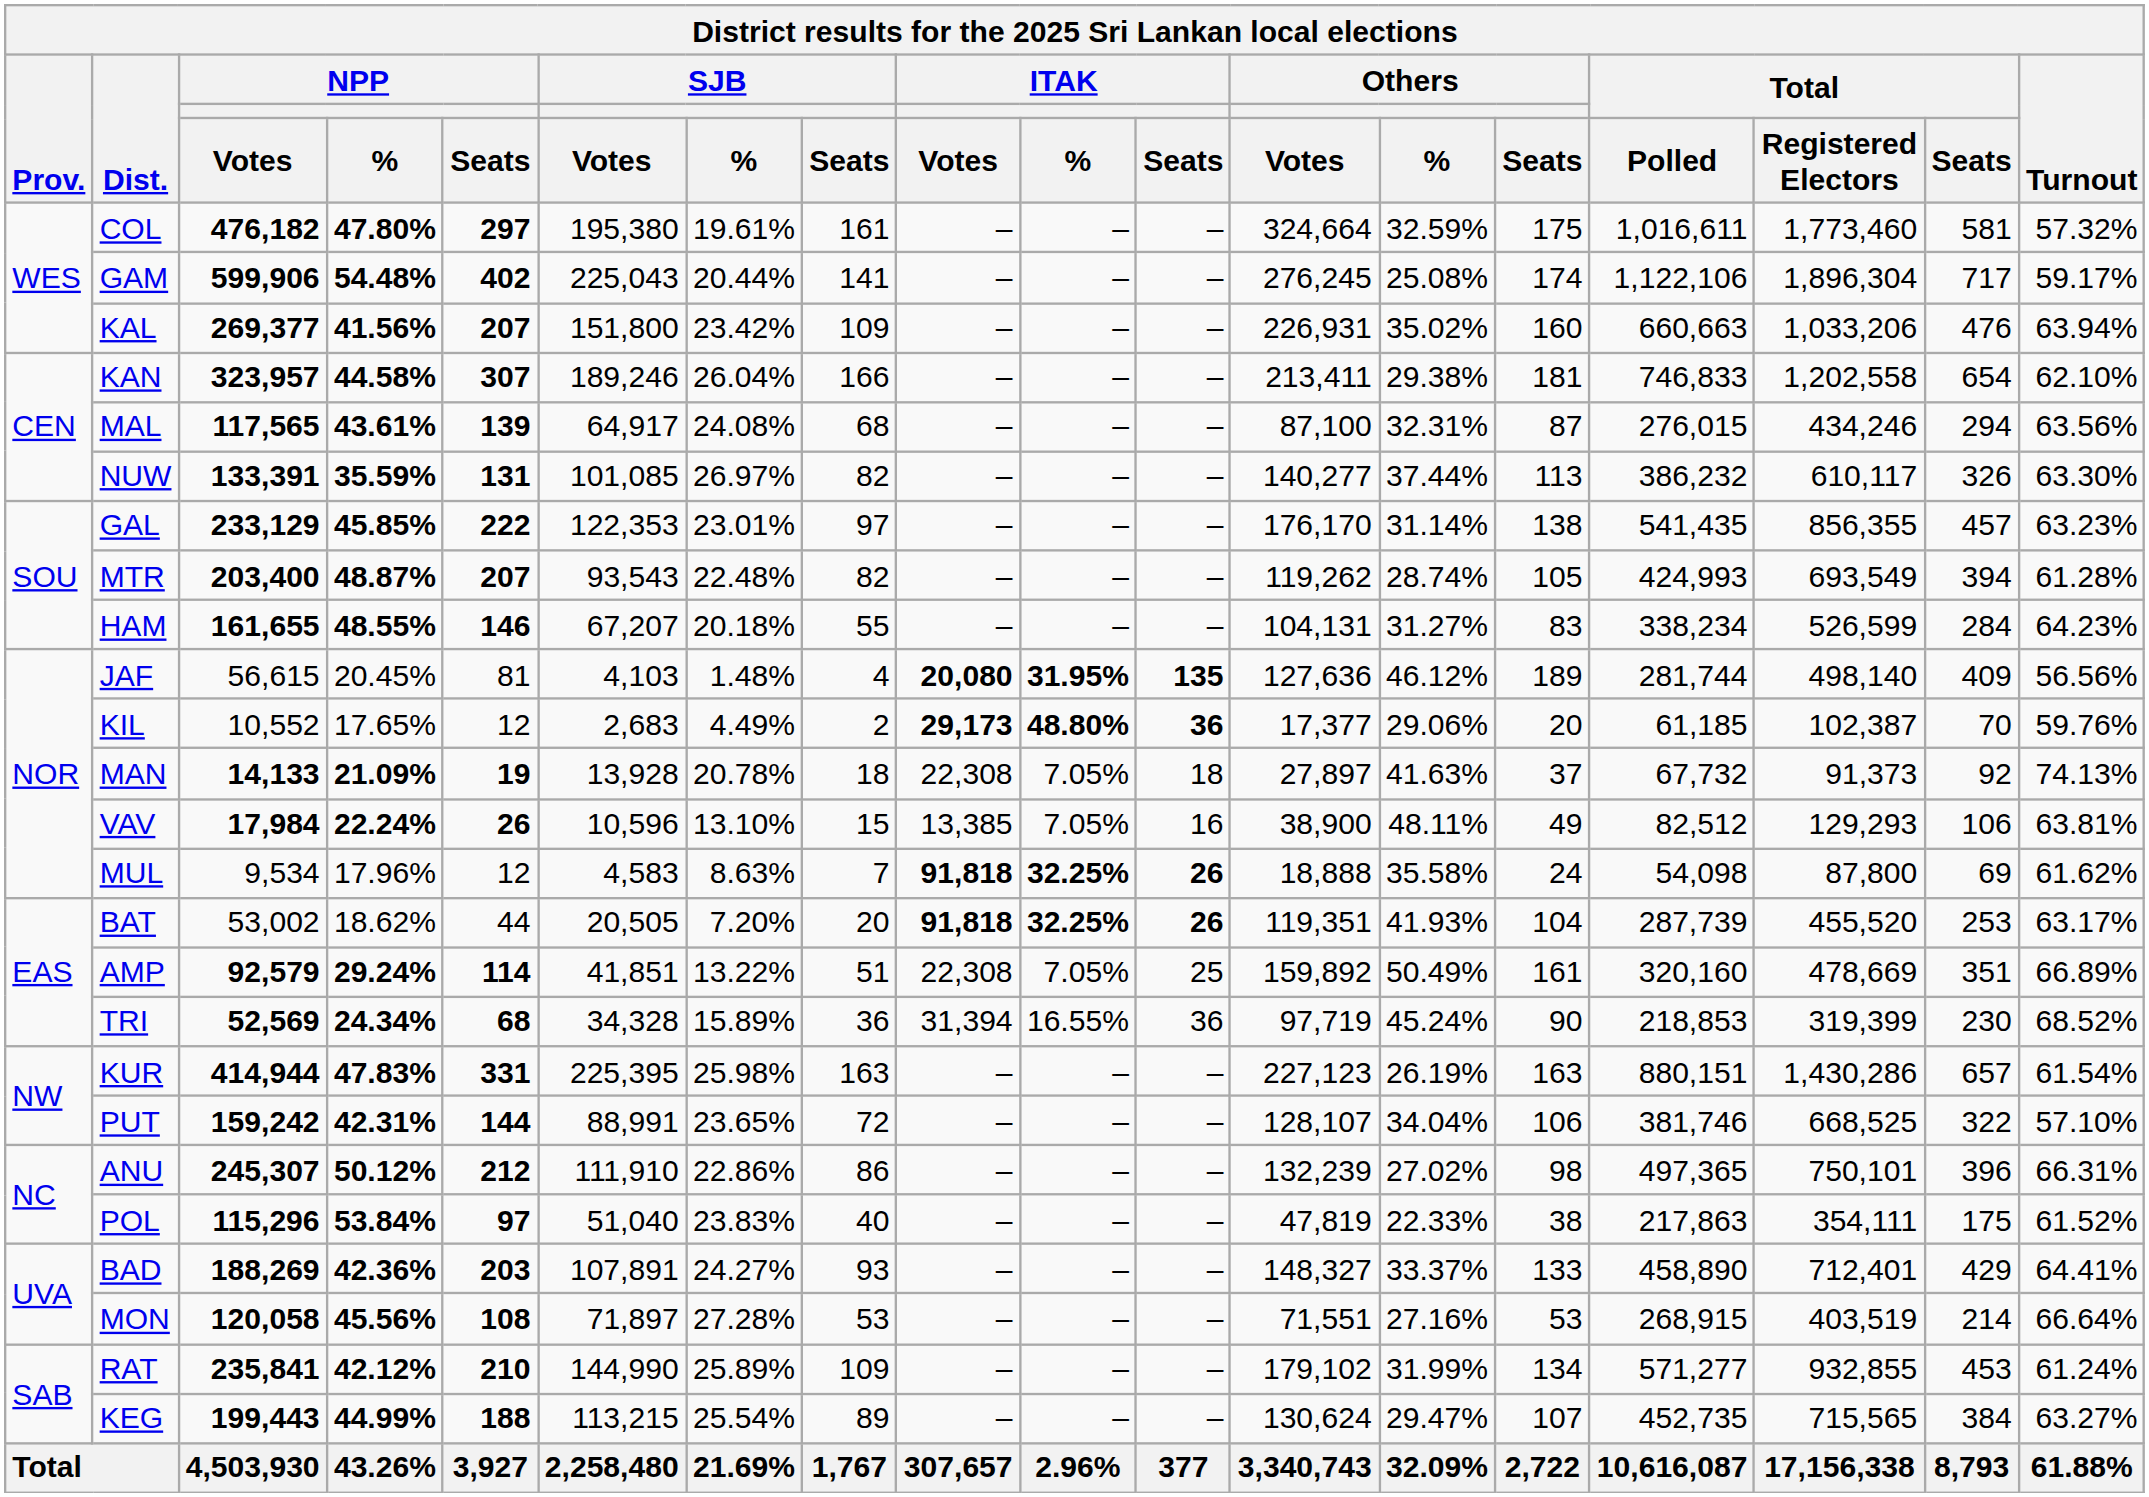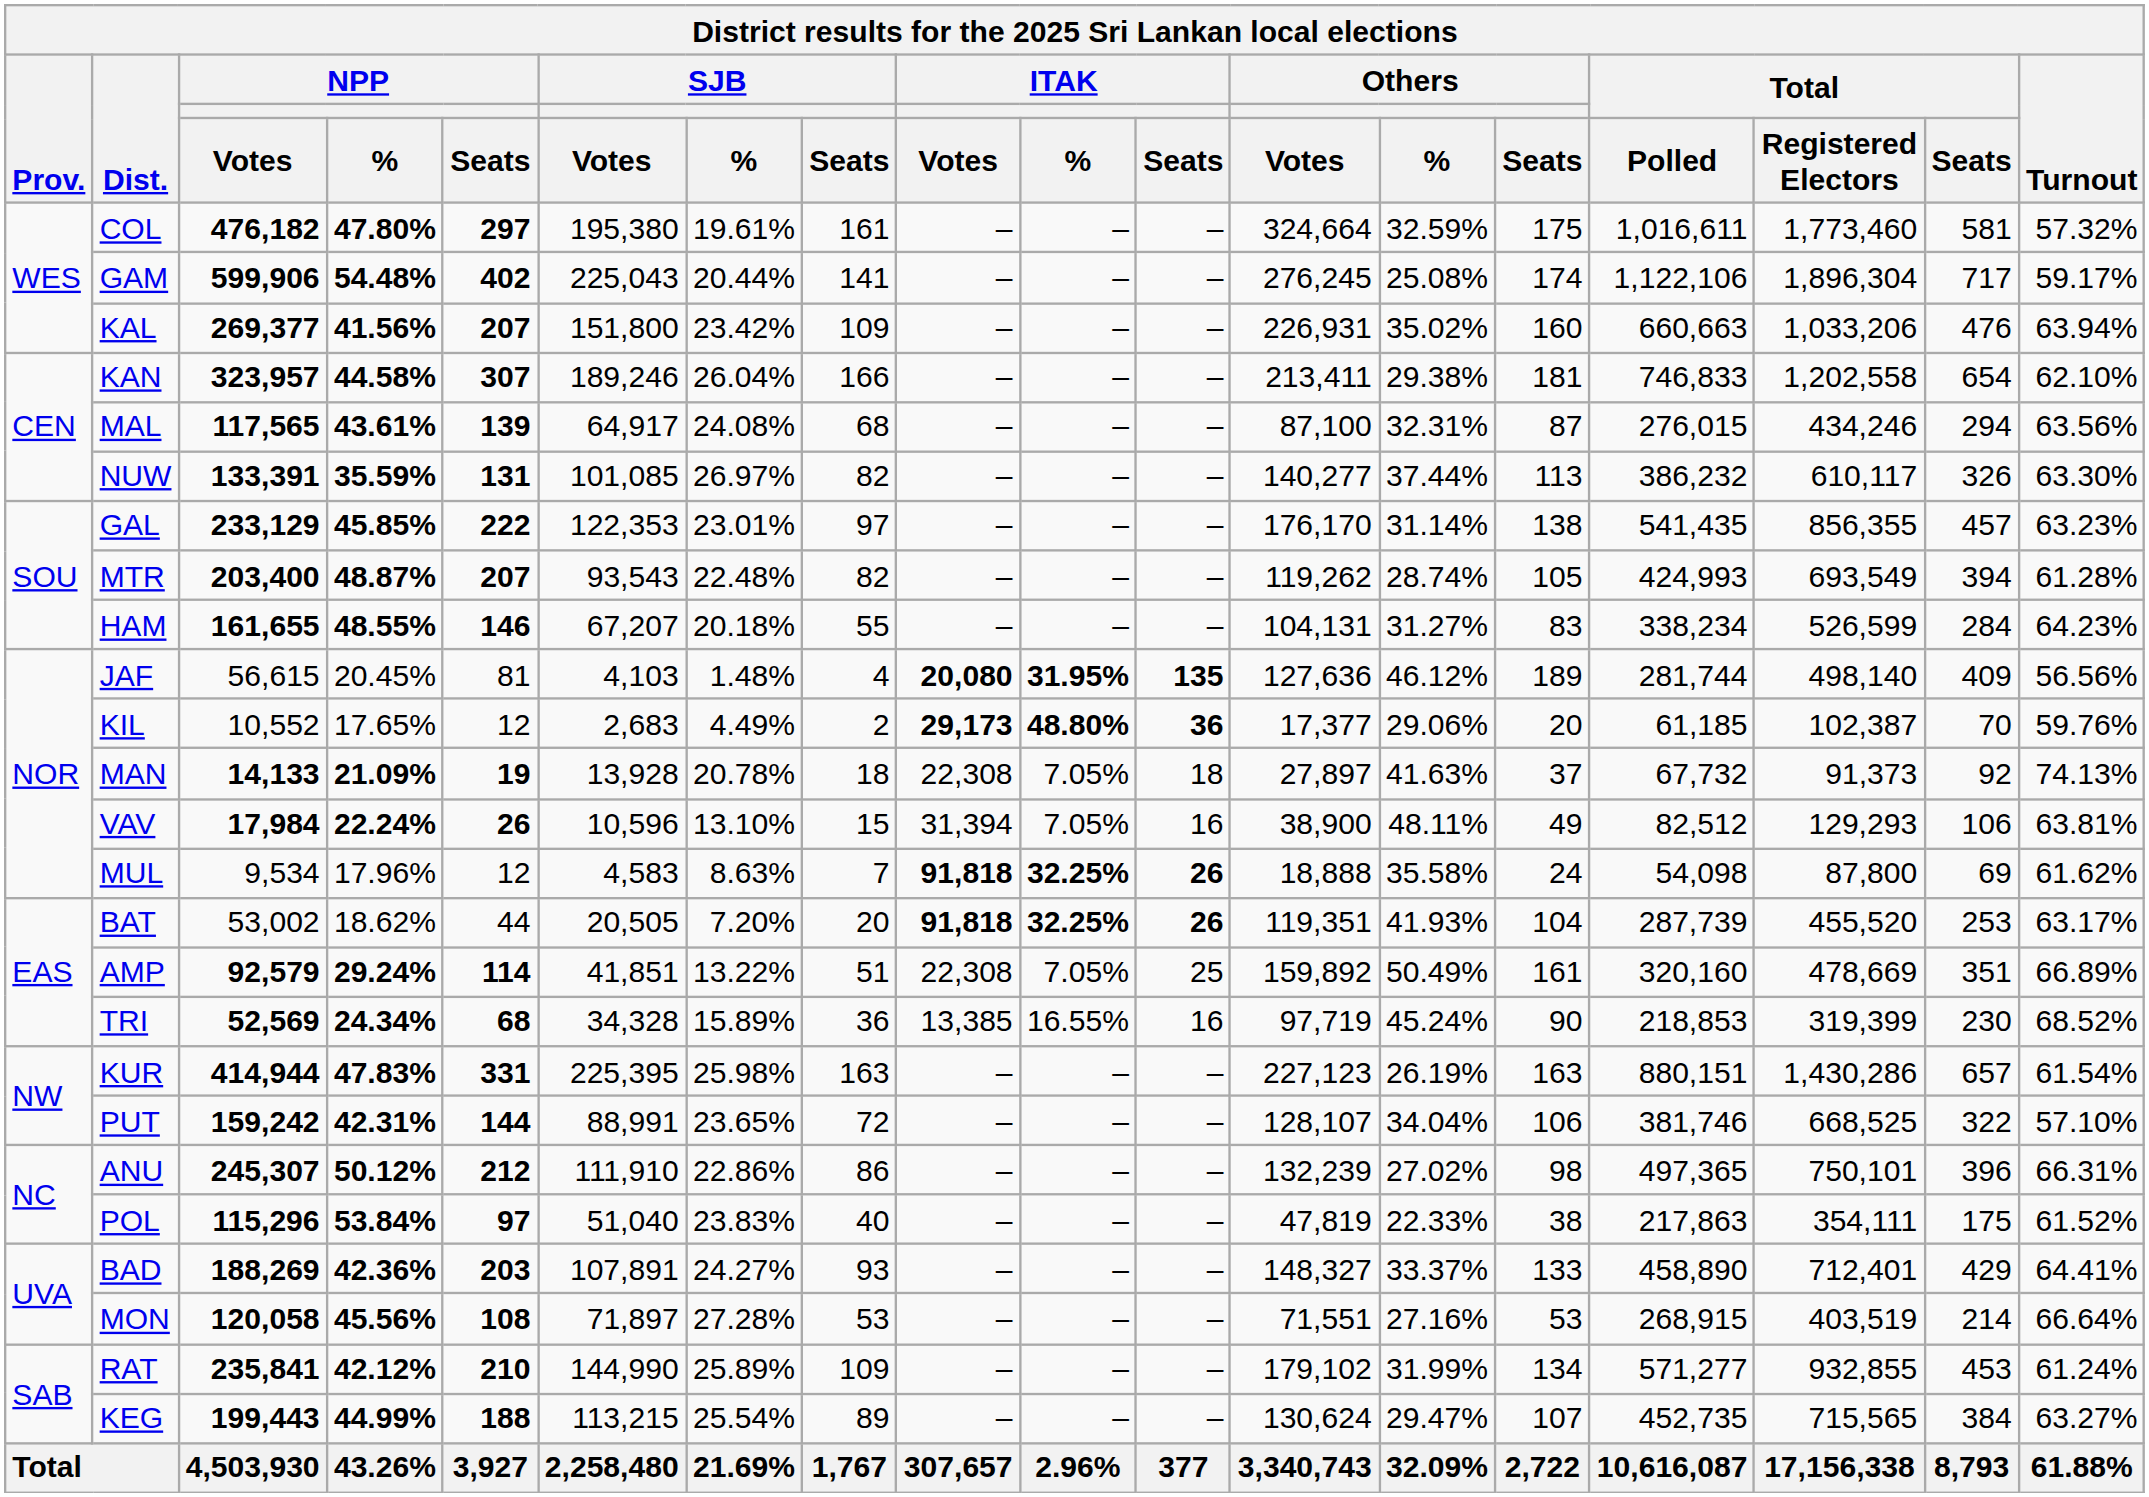 <table class="wikitable sortable sticky-header-multi mw-collapsible mw-collapsed" style="font-size:80%; text-align:right">
 <tr>
 <th colspan=18>District results for the 2025 Sri Lankan local elections</th>
 </tr>
 <tr>
 <th rowspan=3 style="vertical-align:bottom;"><a href='#'>Prov.</a></th>
 <th rowspan=3 style="vertical-align:bottom;"><a href='#'>Dist.</a></th>
 <th colspan=3><a href='#'>NPP</a></th>
 <th colspan=3><a href='#'>SJB</a></th>
 <th colspan=3><a href='#'>ITAK</a></th>
 <th colspan=3>Others</th>
 <th colspan=3 rowspan=2>Total</th>
 <th rowspan=3 style="vertical-align:bottom;">Turnout</th>
 </tr>
 <tr>
 <th colspan=3 style="background:"></th>
 <th colspan=3 style="background:"></th>
 <th colspan=3 style="background:"></th>
 <th colspan=3 style="background:"></th>
 </tr>
 <tr>
 <th>Votes</th>
 <th>%</th>
 <th>Seats</th>
 <th>Votes</th>
 <th>%</th>
 <th>Seats</th>
 <th>Votes</th>
 <th>%</th>
 <th>Seats</th>
 <th>Votes</th>
 <th>%</th>
 <th>Seats</th>
 <th>Polled</th>
 <th>Registered<br>Electors</th>
 <th>Seats</th>
 </tr>
 <tr>
 <td rowspan=3 align=left><a href='#'>WES</a></td>
 <td align=left><a href='#'>COL</a></td>
 <td><strong>476,182</strong></td>
 <td><strong>47.80%</strong></td>
 <td><strong>297</strong></td>
 <td>195,380</td>
 <td>19.61%</td>
 <td>161</td>
 <td>–</td>
 <td>–</td>
 <td>–</td>
 <td>324,664</td>
 <td>32.59%</td>
 <td>175</td>
 <td>1,016,611</td>
 <td>1,773,460</td>
 <td>581</td>
 <td>57.32%</td>
 </tr>
 <tr>
 <td align=left><a href='#'>GAM</a></td>
 <td><strong>599,906</strong></td>
 <td><strong>54.48%</strong></td>
 <td><strong>402</strong></td>
 <td>225,043</td>
 <td>20.44%</td>
 <td>141</td>
 <td>–</td>
 <td>–</td>
 <td>–</td>
 <td>276,245</td>
 <td>25.08%</td>
 <td>174</td>
 <td>1,122,106</td>
 <td>1,896,304</td>
 <td>717</td>
 <td>59.17%</td>
 </tr>
 <tr>
 <td align=left><a href='#'>KAL</a></td>
 <td><strong>269,377</strong></td>
 <td><strong>41.56%</strong></td>
 <td><strong>207</strong></td>
 <td>151,800</td>
 <td>23.42%</td>
 <td>109</td>
 <td>–</td>
 <td>–</td>
 <td>–</td>
 <td>226,931</td>
 <td>35.02%</td>
 <td>160</td>
 <td>660,663</td>
 <td>1,033,206</td>
 <td>476</td>
 <td>63.94%</td>
 </tr>
 <tr>
 <td rowspan=3 align=left><a href='#'>CEN</a></td>
 <td align=left><a href='#'>KAN</a></td>
 <td><strong>323,957</strong></td>
 <td><strong>44.58%</strong></td>
 <td><strong>307</strong></td>
 <td>189,246</td>
 <td>26.04%</td>
 <td>166</td>
 <td>–</td>
 <td>–</td>
 <td>–</td>
 <td>213,411</td>
 <td>29.38%</td>
 <td>181</td>
 <td>746,833</td>
 <td>1,202,558</td>
 <td>654</td>
 <td>62.10%</td>
 </tr>
 <tr>
 <td align=left><a href='#'>MAL</a></td>
 <td><strong>117,565</strong></td>
 <td><strong>43.61%</strong></td>
 <td><strong>139</strong></td>
 <td>64,917</td>
 <td>24.08%</td>
 <td>68</td>
 <td>–</td>
 <td>–</td>
 <td>–</td>
 <td>87,100</td>
 <td>32.31%</td>
 <td>87</td>
 <td>276,015</td>
 <td>434,246</td>
 <td>294</td>
 <td>63.56%</td>
 </tr>
 <tr>
 <td align=left><a href='#'>NUW</a></td>
 <td><strong>133,391</strong></td>
 <td><strong>35.59%</strong></td>
 <td><strong>131</strong></td>
 <td>101,085</td>
 <td>26.97%</td>
 <td>82</td>
 <td>–</td>
 <td>–</td>
 <td>–</td>
 <td>140,277</td>
 <td>37.44%</td>
 <td>113</td>
 <td>386,232</td>
 <td>610,117</td>
 <td>326</td>
 <td>63.30%</td>
 </tr>
 <tr>
 <td rowspan=3 align=left><a href='#'>SOU</a></td>
 <td align=left><a href='#'>GAL</a></td>
 <td><strong>233,129</strong></td>
 <td><strong>45.85%</strong></td>
 <td><strong>222</strong></td>
 <td>122,353</td>
 <td>23.01%</td>
 <td>97</td>
 <td>–</td>
 <td>–</td>
 <td>–</td>
 <td>176,170</td>
 <td>31.14%</td>
 <td>138</td>
 <td>541,435</td>
 <td>856,355</td>
 <td>457</td>
 <td>63.23%</td>
 </tr>
 <tr>
 <td align=left><a href='#'>MTR</a></td>
 <td><strong>203,400</strong></td>
 <td><strong>48.87%</strong></td>
 <td><strong>207</strong></td>
 <td>93,543</td>
 <td>22.48%</td>
 <td>82</td>
 <td>–</td>
 <td>–</td>
 <td>–</td>
 <td>119,262</td>
 <td>28.74%</td>
 <td>105</td>
 <td>424,993</td>
 <td>693,549</td>
 <td>394</td>
 <td>61.28%</td>
 </tr>
 <tr>
 <td align=left><a href='#'>HAM</a></td>
 <td><strong>161,655</strong></td>
 <td><strong>48.55%</strong></td>
 <td><strong>146</strong></td>
 <td>67,207</td>
 <td>20.18%</td>
 <td>55</td>
 <td>–</td>
 <td>–</td>
 <td>–</td>
 <td>104,131</td>
 <td>31.27%</td>
 <td>83</td>
 <td>338,234</td>
 <td>526,599</td>
 <td>284</td>
 <td>64.23%</td>
 </tr>
 <tr>
 <td rowspan=5 align=left><a href='#'>NOR</a></td>
 <td align=left><a href='#'>JAF</a></td>
 <td>56,615</td>
 <td>20.45%</td>
 <td>81</td>
 <td>4,103</td>
 <td>1.48%</td>
 <td>4</td>
 <td><strong>20,080</strong></td>
 <td><strong>31.95%</strong></td>
 <td><strong>135</strong></td>
 <td>127,636</td>
 <td>46.12%</td>
 <td>189</td>
 <td>281,744</td>
 <td>498,140</td>
 <td>409</td>
 <td>56.56%</td>
 </tr>
 <tr>
 <td align=left><a href='#'>KIL</a></td>
 <td>10,552</td>
 <td>17.65%</td>
 <td>12</td>
 <td>2,683</td>
 <td>4.49%</td>
 <td>2</td>
 <td><strong>29,173</strong></td>
 <td><strong>48.80%</strong></td>
 <td><strong>36</strong></td>
 <td>17,377</td>
 <td>29.06%</td>
 <td>20</td>
 <td>61,185</td>
 <td>102,387</td>
 <td>70</td>
 <td>59.76%</td>
 </tr>
 <tr>
 <td align=left><a href='#'>MAN</a></td>
 <td><strong>14,133</strong></td>
 <td><strong>21.09%</strong></td>
 <td><strong>19</strong></td>
 <td>13,928</td>
 <td>20.78%</td>
 <td>18</td>
 <td>22,308</td>
 <td>7.05%</td>
 <td>18</td>
 <td>27,897</td>
 <td>41.63%</td>
 <td>37</td>
 <td>67,732</td>
 <td>91,373</td>
 <td>92</td>
 <td>74.13%</td>
 </tr>
 <tr>
 <td align=left><a href='#'>VAV</a></td>
 <td><strong>17,984</strong></td>
 <td><strong>22.24%</strong></td>
 <td><strong>26</strong></td>
 <td>10,596</td>
 <td>13.10%</td>
 <td>15</td>
-<td>13,385</td>
+<td>31,394</td>
 <td>7.05%</td>
 <td>16</td>
 <td>38,900</td>
 <td>48.11%</td>
 <td>49</td>
 <td>82,512</td>
 <td>129,293</td>
 <td>106</td>
 <td>63.81%</td>
 </tr>
 <tr>
 <td align=left><a href='#'>MUL</a></td>
 <td>9,534</td>
 <td>17.96%</td>
 <td>12</td>
 <td>4,583</td>
 <td>8.63%</td>
 <td>7</td>
 <td><strong>91,818</strong></td>
 <td><strong>32.25%</strong></td>
 <td><strong>26</strong></td>
 <td>18,888</td>
 <td>35.58%</td>
 <td>24</td>
 <td>54,098</td>
 <td>87,800</td>
 <td>69</td>
 <td>61.62%</td>
 </tr>
 <tr>
 <td rowspan=3 align=left><a href='#'>EAS</a></td>
 <td align=left><a href='#'>BAT</a></td>
 <td>53,002</td>
 <td>18.62%</td>
 <td>44</td>
 <td>20,505</td>
 <td>7.20%</td>
 <td>20</td>
 <td><strong>91,818</strong></td>
 <td><strong>32.25%</strong></td>
 <td><strong>26</strong></td>
 <td>119,351</td>
 <td>41.93%</td>
 <td>104</td>
 <td>287,739</td>
 <td>455,520</td>
 <td>253</td>
 <td>63.17%</td>
 </tr>
 <tr>
 <td align=left><a href='#'>AMP</a></td>
 <td><strong>92,579</strong></td>
 <td><strong>29.24%</strong></td>
 <td><strong>114</strong></td>
 <td>41,851</td>
 <td>13.22%</td>
 <td>51</td>
 <td>22,308</td>
 <td>7.05%</td>
 <td>25</td>
 <td>159,892</td>
 <td>50.49%</td>
 <td>161</td>
 <td>320,160</td>
 <td>478,669</td>
 <td>351</td>
 <td>66.89%</td>
 </tr>
 <tr>
 <td align=left><a href='#'>TRI</a></td>
 <td><strong>52,569</strong></td>
 <td><strong>24.34%</strong></td>
 <td><strong>68</strong></td>
 <td>34,328</td>
 <td>15.89%</td>
 <td>36</td>
-<td>31,394</td>
+<td>13,385</td>
 <td>16.55%</td>
-<td>36</td>
+<td>16</td>
 <td>97,719</td>
 <td>45.24%</td>
 <td>90</td>
 <td>218,853</td>
 <td>319,399</td>
 <td>230</td>
 <td>68.52%</td>
 </tr>
 <tr>
 <td rowspan=2 align=left><a href='#'>NW</a></td>
 <td align=left><a href='#'>KUR</a></td>
 <td><strong>414,944</strong></td>
 <td><strong>47.83%</strong></td>
 <td><strong>331</strong></td>
 <td>225,395</td>
 <td>25.98%</td>
 <td>163</td>
 <td>–</td>
 <td>–</td>
 <td>–</td>
 <td>227,123</td>
 <td>26.19%</td>
 <td>163</td>
 <td>880,151</td>
 <td>1,430,286</td>
 <td>657</td>
 <td>61.54%</td>
 </tr>
 <tr>
 <td align=left><a href='#'>PUT</a></td>
 <td><strong>159,242</strong></td>
 <td><strong>42.31%</strong></td>
 <td><strong>144</strong></td>
 <td>88,991</td>
 <td>23.65%</td>
 <td>72</td>
 <td>–</td>
 <td>–</td>
 <td>–</td>
 <td>128,107</td>
 <td>34.04%</td>
 <td>106</td>
 <td>381,746</td>
 <td>668,525</td>
 <td>322</td>
 <td>57.10%</td>
 </tr>
 <tr>
 <td rowspan=2 align=left><a href='#'>NC</a></td>
 <td align=left><a href='#'>ANU</a></td>
 <td><strong>245,307</strong></td>
 <td><strong>50.12%</strong></td>
 <td><strong>212</strong></td>
 <td>111,910</td>
 <td>22.86%</td>
 <td>86</td>
 <td>–</td>
 <td>–</td>
 <td>–</td>
 <td>132,239</td>
 <td>27.02%</td>
 <td>98</td>
 <td>497,365</td>
 <td>750,101</td>
 <td>396</td>
 <td>66.31%</td>
 </tr>
 <tr>
 <td align=left><a href='#'>POL</a></td>
 <td><strong>115,296</strong></td>
 <td><strong>53.84%</strong></td>
 <td><strong>97</strong></td>
 <td>51,040</td>
 <td>23.83%</td>
 <td>40</td>
 <td>–</td>
 <td>–</td>
 <td>–</td>
 <td>47,819</td>
 <td>22.33%</td>
 <td>38</td>
 <td>217,863</td>
 <td>354,111</td>
 <td>175</td>
 <td>61.52%</td>
 </tr>
 <tr>
 <td rowspan=2 align=left><a href='#'>UVA</a></td>
 <td align=left><a href='#'>BAD</a></td>
 <td><strong>188,269</strong></td>
 <td><strong>42.36%</strong></td>
 <td><strong>203</strong></td>
 <td>107,891</td>
 <td>24.27%</td>
 <td>93</td>
 <td>–</td>
 <td>–</td>
 <td>–</td>
 <td>148,327</td>
 <td>33.37%</td>
 <td>133</td>
 <td>458,890</td>
 <td>712,401</td>
 <td>429</td>
 <td>64.41%</td>
 </tr>
 <tr>
 <td align=left><a href='#'>MON</a></td>
 <td><strong>120,058</strong></td>
 <td><strong>45.56%</strong></td>
 <td><strong>108</strong></td>
 <td>71,897</td>
 <td>27.28%</td>
 <td>53</td>
 <td>–</td>
 <td>–</td>
 <td>–</td>
 <td>71,551</td>
 <td>27.16%</td>
 <td>53</td>
 <td>268,915</td>
 <td>403,519</td>
 <td>214</td>
 <td>66.64%</td>
 </tr>
 <tr>
 <td rowspan=2 align=left><a href='#'>SAB</a></td>
 <td align=left><a href='#'>RAT</a></td>
 <td><strong>235,841</strong></td>
 <td><strong>42.12%</strong></td>
 <td><strong>210</strong></td>
 <td>144,990</td>
 <td>25.89%</td>
 <td>109</td>
 <td>–</td>
 <td>–</td>
 <td>–</td>
 <td>179,102</td>
 <td>31.99%</td>
 <td>134</td>
 <td>571,277</td>
 <td>932,855</td>
 <td>453</td>
 <td>61.24%</td>
 </tr>
 <tr>
 <td align=left><a href='#'>KEG</a></td>
 <td><strong>199,443</strong></td>
 <td><strong>44.99%</strong></td>
 <td><strong>188</strong></td>
 <td>113,215</td>
 <td>25.54%</td>
 <td>89</td>
 <td>–</td>
 <td>–</td>
 <td>–</td>
 <td>130,624</td>
 <td>29.47%</td>
 <td>107</td>
 <td>452,735</td>
 <td>715,565</td>
 <td>384</td>
 <td>63.27%</td>
 </tr>
 <tr class="sortbottom">
 <th colspan=2 style="text-align:left;">Total</th>
 <th>4,503,930</th>
 <th>43.26%</th>
 <th>3,927</th>
 <th>2,258,480</th>
 <th>21.69%</th>
 <th>1,767</th>
 <th>307,657</th>
 <th>2.96%</th>
 <th>377</th>
 <th>3,340,743</th>
 <th>32.09%</th>
 <th>2,722</th>
 <th>10,616,087</th>
 <th>17,156,338</th>
 <th>8,793</th>
 <th>61.88%</th>
 </tr>
 </table>
